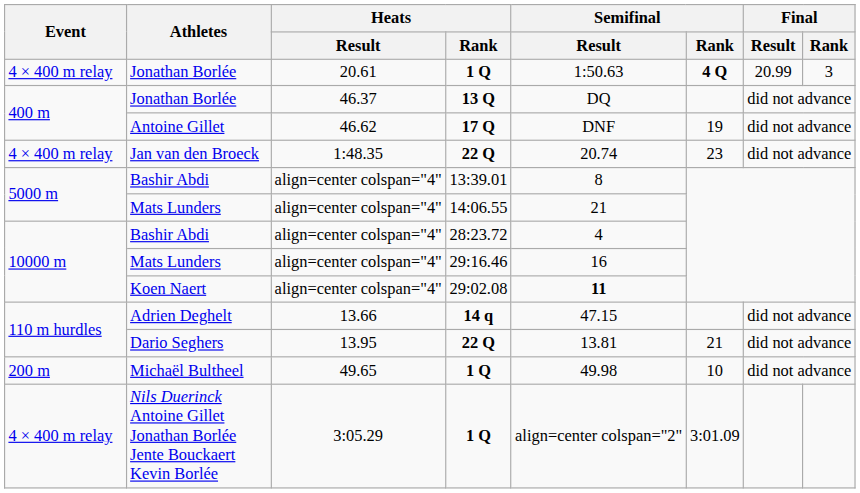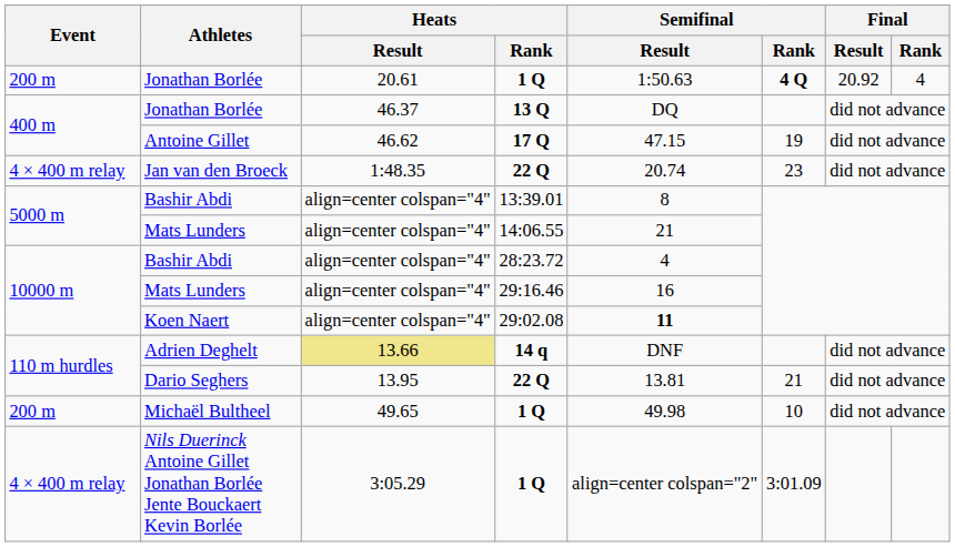 <table class="wikitable" border="1" style="font-size:90%">
 <tr>
 <th rowspan="2" width=100>Event</th>
 <th rowspan="2" width=120>Athletes</th>
 <th colspan="2">Heats</th>
 <th colspan="2">Semifinal</th>
 <th colspan="2">Final</th>
 </tr>
 <tr>
 <th>Result</th>
 <th>Rank</th>
 <th>Result</th>
 <th>Rank</th>
 <th>Result</th>
 <th>Rank</th>
 </tr>
 <tr>
-<td><a href='#'>4 × 400 m relay</a></td>
+<td><a href='#'>200 m</a></td>
 <td><a href='#'>Jonathan Borlée</a></td>
 <td align=center>20.61</td>
 <td align=center><strong>1 Q</strong></td>
 <td align=center>1:50.63</td>
 <td align=center><strong>4 Q</strong></td>
-<td align=center>20.99</td>
-<td align=center>3</td>
+<td align=center>20.92</td>
+<td align=center>4</td>
 </tr>
 <tr>
 <td rowspan=2><a href='#'>400 m</a></td>
 <td><a href='#'>Jonathan Borlée</a></td>
 <td align=center>46.37</td>
 <td align=center><strong>13 Q</strong></td>
 <td align=center>DQ</td>
 <td align=center></td>
 <td align=center colspan="2">did not advance</td>
 </tr>
 <tr>
 <td><a href='#'>Antoine Gillet</a></td>
 <td align=center>46.62</td>
 <td align=center><strong>17 Q</strong></td>
-<td align=center>DNF</td>
+<td align=center>47.15</td>
 <td align=center>19</td>
 <td align=center colspan="2">did not advance</td>
 </tr>
 <tr>
 <td><a href='#'>4 × 400 m relay</a></td>
 <td><a href='#'>Jan van den Broeck</a></td>
 <td align=center>1:48.35</td>
 <td align=center><strong>22 Q</strong></td>
 <td align=center>20.74</td>
 <td align=center>23</td>
 <td align=center colspan="2">did not advance</td>
 </tr>
 <tr>
 <td rowspan=2><a href='#'>5000 m</a></td>
 <td><a href='#'>Bashir Abdi</a></td>
 <td>align=center colspan="4" </td>
 <td align=center>13:39.01</td>
 <td align=center>8</td>
 </tr>
 <tr>
 <td><a href='#'>Mats Lunders</a></td>
 <td>align=center colspan="4" </td>
 <td align=center>14:06.55</td>
 <td align=center>21</td>
 </tr>
 <tr>
 <td rowspan=3><a href='#'>10000 m</a></td>
 <td><a href='#'>Bashir Abdi</a></td>
 <td>align=center colspan="4" </td>
 <td align=center>28:23.72</td>
 <td align=center>4</td>
 </tr>
 <tr>
 <td><a href='#'>Mats Lunders</a></td>
 <td>align=center colspan="4" </td>
 <td align=center>29:16.46</td>
 <td align=center>16</td>
 </tr>
 <tr>
 <td><a href='#'>Koen Naert</a></td>
 <td>align=center colspan="4" </td>
 <td align=center>29:02.08</td>
 <td align=center><strong>11</strong></td>
 </tr>
 <tr>
 <td rowspan=2><a href='#'>110 m hurdles</a></td>
 <td><a href='#'>Adrien Deghelt</a></td>
-<td align=center>13.66</td>
+<td align=center style="background: khaki;">13.66</td>
 <td align=center><strong>14 q</strong></td>
-<td align=center>47.15</td>
+<td align=center>DNF</td>
 <td align=center></td>
 <td align=center colspan="2">did not advance</td>
 </tr>
 <tr>
 <td><a href='#'>Dario Seghers</a></td>
 <td align=center>13.95</td>
 <td align=center><strong>22 Q</strong></td>
 <td align=center>13.81</td>
 <td align=center>21</td>
 <td align=center colspan="2">did not advance</td>
 </tr>
 <tr>
 <td><a href='#'>200 m</a></td>
 <td><a href='#'>Michaël Bultheel</a></td>
 <td align=center>49.65</td>
 <td align=center><strong>1 Q</strong></td>
 <td align=center>49.98</td>
 <td align=center>10</td>
 <td align=center colspan="2">did not advance</td>
 </tr>
 <tr>
 <td><a href='#'>4 × 400 m relay</a></td>
 <td><em><a href='#'>Nils Duerinck</a></em><br><a href='#'>Antoine Gillet</a><br><a href='#'>Jonathan Borlée</a><br><a href='#'>Jente Bouckaert</a><br><a href='#'>Kevin Borlée</a></td>
 <td align=center>3:05.29</td>
 <td align=center><strong>1 Q</strong></td>
 <td>align=center colspan="2" </td>
 <td align=center>3:01.09</td>
 <td align=center></td>
 </tr>
 </table>
